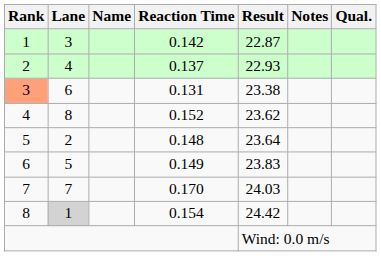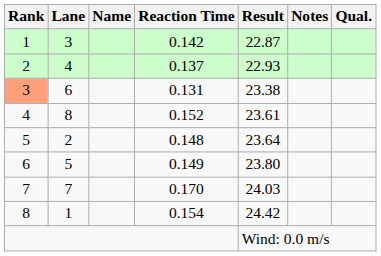 <table class="wikitable sortable" style="text-align:center">
 <tr>
 <th>Rank</th>
 <th>Lane</th>
 <th>Name</th>
 <th>Reaction Time</th>
 <th>Result</th>
 <th>Notes</th>
 <th>Qual.</th>
 </tr>
 <tr bgcolor=ccffcc>
 <td>1</td>
 <td>3</td>
 <td align="left"></td>
 <td>0.142</td>
 <td>22.87</td>
 <td></td>
 <td></td>
 </tr>
 <tr bgcolor=ccffcc>
 <td>2</td>
 <td>4</td>
 <td align="left"></td>
 <td>0.137</td>
 <td>22.93</td>
 <td></td>
 <td></td>
 </tr>
 <tr>
 <td style="background: lightsalmon;">3</td>
 <td>6</td>
 <td align="left"></td>
 <td>0.131</td>
 <td>23.38</td>
 <td></td>
 <td></td>
 </tr>
 <tr>
 <td>4</td>
 <td>8</td>
 <td align="left"></td>
 <td>0.152</td>
-<td>23.62</td>
+<td>23.61</td>
 <td></td>
 <td></td>
 </tr>
 <tr>
 <td>5</td>
 <td>2</td>
 <td align="left"></td>
 <td>0.148</td>
 <td>23.64</td>
 <td></td>
 <td></td>
 </tr>
 <tr>
 <td>6</td>
 <td>5</td>
 <td align="left"></td>
 <td>0.149</td>
-<td>23.83</td>
+<td>23.80</td>
 <td></td>
 <td></td>
 </tr>
 <tr>
 <td>7</td>
 <td>7</td>
 <td align="left"></td>
 <td>0.170</td>
 <td>24.03</td>
 <td></td>
 <td></td>
 </tr>
 <tr>
 <td>8</td>
-<td style="background: lightgrey;">1</td>
+<td>1</td>
 <td align="left"></td>
 <td>0.154</td>
 <td>24.42</td>
 <td></td>
 <td></td>
 </tr>
 <tr class="sortbottom">
 <td colspan=4></td>
 <td colspan="3" style="text-align:left;">Wind: 0.0 m/s</td>
 </tr>
 </table>
